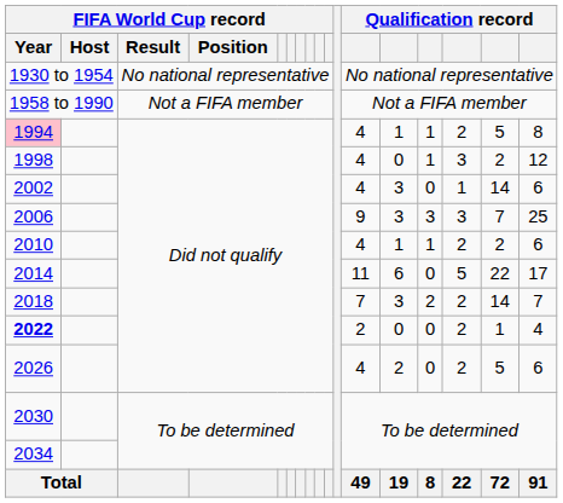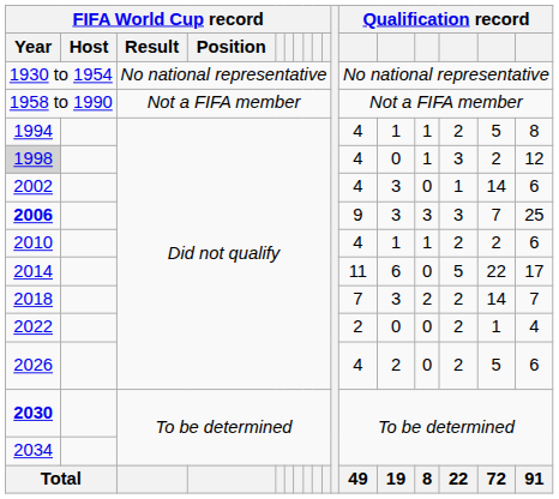 <table class="wikitable" style="text-align: center;">
 <tr>
 <th colspan=10><a href='#'>FIFA World Cup</a> record</th>
 <th rowspan=16></th>
 <th colspan=6><a href='#'>Qualification</a> record</th>
 </tr>
 <tr>
 <th>Year</th>
 <th>Host</th>
 <th>Result</th>
 <th>Position</th>
 <th></th>
 <th></th>
 <th></th>
 <th></th>
 <th></th>
 <th></th>
 <th></th>
 <th></th>
 <th></th>
 <th></th>
 <th></th>
 <th></th>
 </tr>
 <tr>
 <td colspan=2><a href='#'>1930</a> to <a href='#'>1954</a></td>
 <td colspan=8><em>No national representative</em></td>
 <td colspan=6><em>No national representative</em></td>
 </tr>
 <tr>
 <td colspan=2><a href='#'>1958</a> to <a href='#'>1990</a></td>
 <td colspan=8><em>Not a FIFA member</em></td>
 <td colspan=6><em>Not a FIFA member</em></td>
 </tr>
 <tr>
-<td style="background: pink;"><a href='#'>1994</a></td>
+<td><a href='#'>1994</a></td>
 <td align=left></td>
 <td rowspan=9 colspan=8><em>Did not qualify</em></td>
 <td>4</td>
 <td>1</td>
 <td>1</td>
 <td>2</td>
 <td>5</td>
 <td>8</td>
 </tr>
 <tr>
-<td><a href='#'>1998</a></td>
+<td style="background: lightgrey;"><a href='#'>1998</a></td>
 <td align=left></td>
 <td>4</td>
 <td>0</td>
 <td>1</td>
 <td>3</td>
 <td>2</td>
 <td>12</td>
 </tr>
 <tr>
 <td><a href='#'>2002</a></td>
 <td align=left><br></td>
 <td>4</td>
 <td>3</td>
 <td>0</td>
 <td>1</td>
 <td>14</td>
 <td>6</td>
 </tr>
 <tr>
-<td><a href='#'>2006</a></td>
+<td><strong><a href='#'>2006</a></strong></td>
 <td align=left></td>
 <td>9</td>
 <td>3</td>
 <td>3</td>
 <td>3</td>
 <td>7</td>
 <td>25</td>
 </tr>
 <tr>
 <td><a href='#'>2010</a></td>
 <td align=left></td>
 <td>4</td>
 <td>1</td>
 <td>1</td>
 <td>2</td>
 <td>2</td>
 <td>6</td>
 </tr>
 <tr>
 <td><a href='#'>2014</a></td>
 <td align=left></td>
 <td>11</td>
 <td>6</td>
 <td>0</td>
 <td>5</td>
 <td>22</td>
 <td>17</td>
 </tr>
 <tr>
 <td><a href='#'>2018</a></td>
 <td align=left></td>
 <td>7</td>
 <td>3</td>
 <td>2</td>
 <td>2</td>
 <td>14</td>
 <td>7</td>
 </tr>
 <tr>
-<td><strong><a href='#'>2022</a></strong></td>
+<td><a href='#'>2022</a></td>
 <td align=left></td>
 <td>2</td>
 <td>0</td>
 <td>0</td>
 <td>2</td>
 <td>1</td>
 <td>4</td>
 </tr>
 <tr>
 <td><a href='#'>2026</a></td>
 <td align=left><br><br></td>
 <td>4</td>
 <td>2</td>
 <td>0</td>
 <td>2</td>
 <td>5</td>
 <td>6</td>
 </tr>
 <tr>
-<td><a href='#'>2030</a></td>
+<td><strong><a href='#'>2030</a></strong></td>
 <td align=left><br><br></td>
 <td colspan=8 rowspan=2><em>To be determined</em></td>
 <td colspan=6 rowspan=2><em>To be determined</em></td>
 </tr>
 <tr>
 <td><a href='#'>2034</a></td>
 <td align=left></td>
 </tr>
 <tr>
 <th colspan=2>Total</th>
 <th></th>
 <th></th>
 <th></th>
 <th></th>
 <th></th>
 <th></th>
 <th></th>
 <th></th>
 <th>49</th>
 <th>19</th>
 <th>8</th>
 <th>22</th>
 <th>72</th>
 <th>91</th>
 </tr>
 </table>
